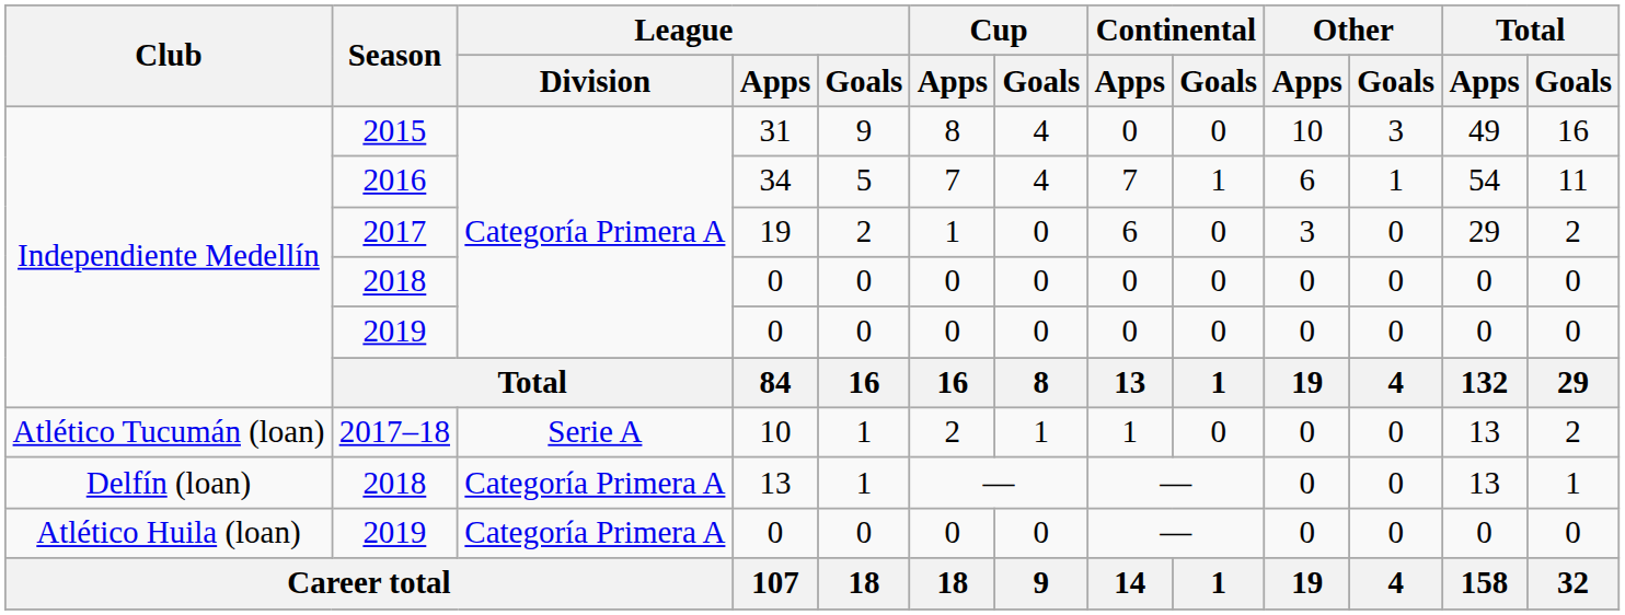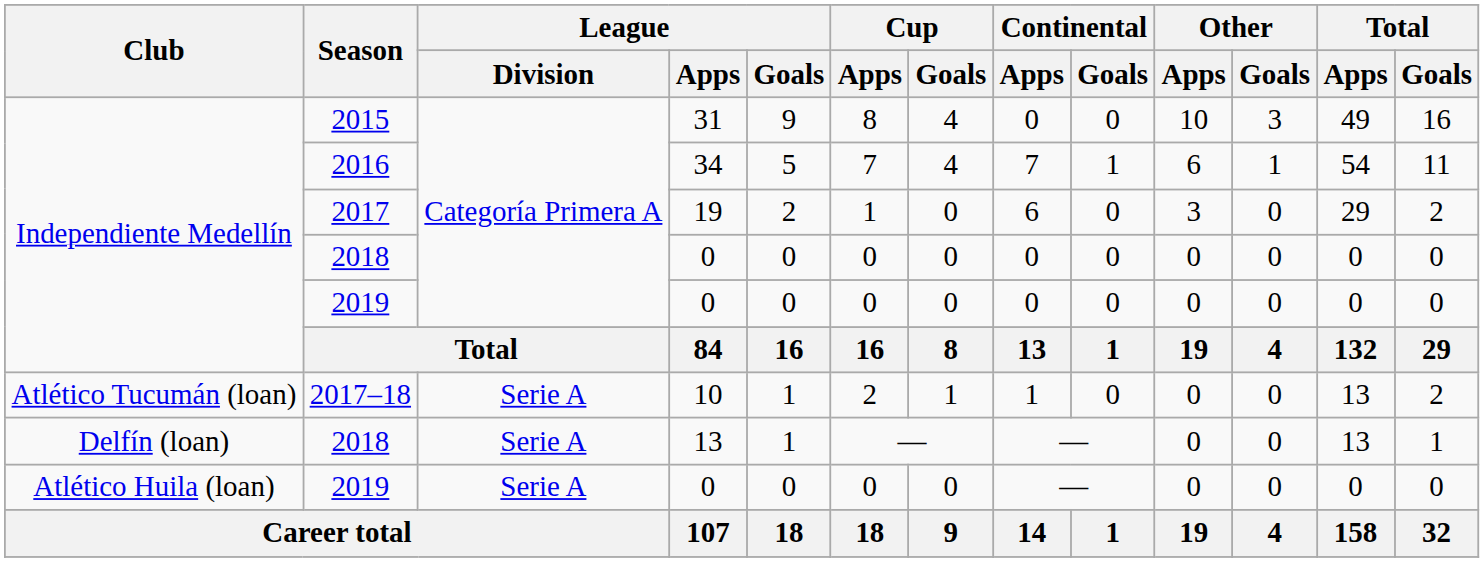 <table class="wikitable" style="text-align:center">
 <tr>
 <th rowspan="2">Club</th>
 <th rowspan="2">Season</th>
 <th colspan="3">League</th>
 <th colspan="2">Cup</th>
 <th colspan="2">Continental</th>
 <th colspan="2">Other</th>
 <th colspan="2">Total</th>
 </tr>
 <tr>
 <th>Division</th>
 <th>Apps</th>
 <th>Goals</th>
 <th>Apps</th>
 <th>Goals</th>
 <th>Apps</th>
 <th>Goals</th>
 <th>Apps</th>
 <th>Goals</th>
 <th>Apps</th>
 <th>Goals</th>
 </tr>
 <tr>
 <td rowspan="6"><a href='#'>Independiente Medellín</a></td>
 <td><a href='#'>2015</a></td>
 <td rowspan="5"><a href='#'>Categoría Primera A</a></td>
 <td>31</td>
 <td>9</td>
 <td>8</td>
 <td>4</td>
 <td>0</td>
 <td>0</td>
 <td>10</td>
 <td>3</td>
 <td>49</td>
 <td>16</td>
 </tr>
 <tr>
 <td><a href='#'>2016</a></td>
 <td>34</td>
 <td>5</td>
 <td>7</td>
 <td>4</td>
 <td>7</td>
 <td>1</td>
 <td>6</td>
 <td>1</td>
 <td>54</td>
 <td>11</td>
 </tr>
 <tr>
 <td><a href='#'>2017</a></td>
 <td>19</td>
 <td>2</td>
 <td>1</td>
 <td>0</td>
 <td>6</td>
 <td>0</td>
 <td>3</td>
 <td>0</td>
 <td>29</td>
 <td>2</td>
 </tr>
 <tr>
 <td><a href='#'>2018</a></td>
 <td>0</td>
 <td>0</td>
 <td>0</td>
 <td>0</td>
 <td>0</td>
 <td>0</td>
 <td>0</td>
 <td>0</td>
 <td>0</td>
 <td>0</td>
 </tr>
 <tr>
 <td><a href='#'>2019</a></td>
 <td>0</td>
 <td>0</td>
 <td>0</td>
 <td>0</td>
 <td>0</td>
 <td>0</td>
 <td>0</td>
 <td>0</td>
 <td>0</td>
 <td>0</td>
 </tr>
 <tr>
 <th colspan="2">Total</th>
 <th>84</th>
 <th>16</th>
 <th>16</th>
 <th>8</th>
 <th>13</th>
 <th>1</th>
 <th>19</th>
 <th>4</th>
 <th>132</th>
 <th>29</th>
 </tr>
 <tr>
 <td rowspan="1"><a href='#'>Atlético Tucumán</a> (loan)</td>
 <td><a href='#'>2017–18</a></td>
 <td rowspan="1"><a href='#'>Serie A</a></td>
 <td>10</td>
 <td>1</td>
 <td>2</td>
 <td>1</td>
 <td>1</td>
 <td>0</td>
 <td>0</td>
 <td>0</td>
 <td>13</td>
 <td>2</td>
 </tr>
 <tr>
 <td rowspan="1"><a href='#'>Delfín</a> (loan)</td>
 <td><a href='#'>2018</a></td>
-<td rowspan="1"><a href='#'>Categoría Primera A</a></td>
+<td rowspan="1"><a href='#'>Serie A</a></td>
 <td>13</td>
 <td>1</td>
 <td colspan="2">—</td>
 <td colspan="2">—</td>
 <td>0</td>
 <td>0</td>
 <td>13</td>
 <td>1</td>
 </tr>
 <tr>
 <td rowspan="1"><a href='#'>Atlético Huila</a> (loan)</td>
 <td><a href='#'>2019</a></td>
-<td rowspan="1"><a href='#'>Categoría Primera A</a></td>
+<td rowspan="1"><a href='#'>Serie A</a></td>
 <td>0</td>
 <td>0</td>
 <td>0</td>
 <td>0</td>
 <td colspan="2">—</td>
 <td>0</td>
 <td>0</td>
 <td>0</td>
 <td>0</td>
 </tr>
 <tr>
 <th colspan="3">Career total</th>
 <th>107</th>
 <th>18</th>
 <th>18</th>
 <th>9</th>
 <th>14</th>
 <th>1</th>
 <th>19</th>
 <th>4</th>
 <th>158</th>
 <th>32</th>
 </tr>
 </table>
